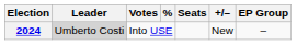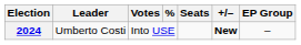 <table class="wikitable" style="text-align:center">
 <tr>
 <th>Election</th>
 <th>Leader</th>
 <th>Votes</th>
 <th>%</th>
 <th>Seats</th>
 <th>+/–</th>
 <th>EP Group</th>
 </tr>
 <tr>
 <th><a href='#'>2024</a></th>
-<td style="background: lightgrey;">Umberto Costi</td>
+<td>Umberto Costi</td>
 <td colspan="2">Into <a href='#'>USE</a></td>
 <td></td>
-<td>New</td>
+<td><strong>New</strong></td>
 <td>–</td>
 </tr>
 </table>
